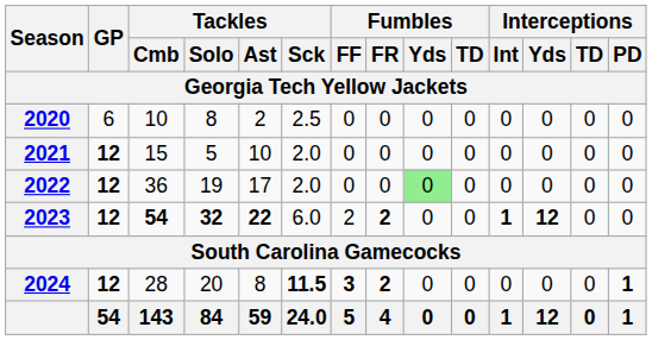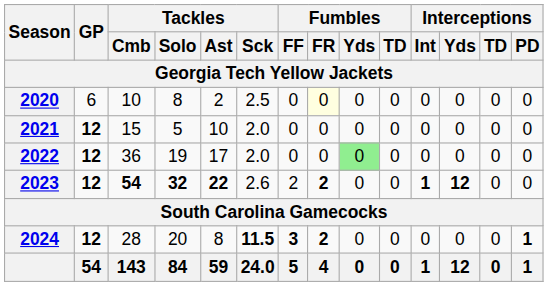 <table class="wikitable" style="text-align:center;">
 <tr>
 <th rowspan="2">Season</th>
 <th rowspan="2">GP</th>
 <th colspan="4">Tackles</th>
 <th colspan="4">Fumbles</th>
 <th colspan="4">Interceptions</th>
 </tr>
 <tr>
 <th>Cmb</th>
 <th>Solo</th>
 <th>Ast</th>
 <th>Sck</th>
 <th>FF</th>
 <th>FR</th>
 <th>Yds</th>
 <th>TD</th>
 <th>Int</th>
 <th>Yds</th>
 <th>TD</th>
 <th>PD</th>
 </tr>
 <tr>
 <th colspan="16">Georgia Tech Yellow Jackets</th>
 </tr>
 <tr>
 <th><a href='#'>2020</a></th>
 <td>6</td>
 <td>10</td>
 <td>8</td>
 <td>2</td>
 <td>2.5</td>
 <td>0</td>
-<td>0</td>
+<td style="background: lightyellow;">0</td>
 <td>0</td>
 <td>0</td>
 <td>0</td>
 <td>0</td>
 <td>0</td>
 <td>0</td>
 </tr>
 <tr>
 <th><a href='#'>2021</a></th>
 <td><strong>12</strong></td>
 <td>15</td>
 <td>5</td>
 <td>10</td>
 <td>2.0</td>
 <td>0</td>
 <td>0</td>
 <td>0</td>
 <td>0</td>
 <td>0</td>
 <td>0</td>
 <td>0</td>
 <td>0</td>
 </tr>
 <tr>
 <th><a href='#'>2022</a></th>
 <td><strong>12</strong></td>
 <td>36</td>
 <td>19</td>
 <td>17</td>
 <td>2.0</td>
 <td>0</td>
 <td>0</td>
 <td style="background: lightgreen;">0</td>
 <td>0</td>
 <td>0</td>
 <td>0</td>
 <td>0</td>
 <td>0</td>
 </tr>
 <tr>
 <th><a href='#'>2023</a></th>
 <td><strong>12</strong></td>
 <td><strong>54</strong></td>
 <td><strong>32</strong></td>
 <td><strong>22</strong></td>
-<td>6.0</td>
+<td>2.6</td>
 <td>2</td>
 <td><strong>2</strong></td>
 <td>0</td>
 <td>0</td>
 <td><strong>1</strong></td>
 <td><strong>12</strong></td>
 <td>0</td>
 <td>0</td>
 </tr>
 <tr>
 <th colspan="16">South Carolina Gamecocks</th>
 </tr>
 <tr>
 <th><a href='#'>2024</a></th>
 <td><strong>12</strong></td>
 <td>28</td>
 <td>20</td>
 <td>8</td>
 <td><strong>11.5</strong></td>
 <td><strong>3</strong></td>
 <td><strong>2</strong></td>
 <td>0</td>
 <td>0</td>
 <td>0</td>
 <td>0</td>
 <td>0</td>
 <td><strong>1</strong></td>
 </tr>
 <tr>
 <th></th>
 <th>54</th>
 <th>143</th>
 <th>84</th>
 <th>59</th>
 <th>24.0</th>
 <th>5</th>
 <th>4</th>
 <th>0</th>
 <th>0</th>
 <th>1</th>
 <th>12</th>
 <th>0</th>
 <th>1</th>
 </tr>
 </table>
